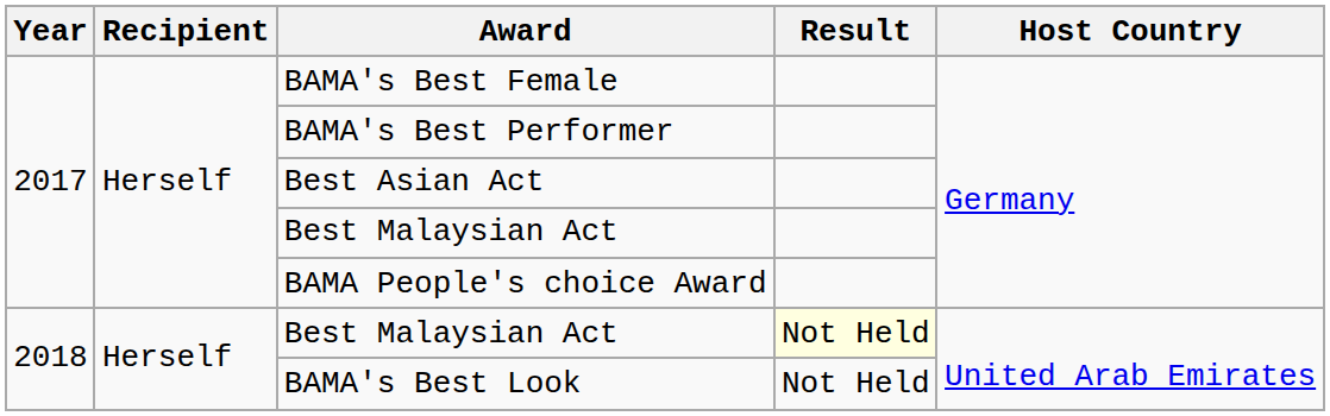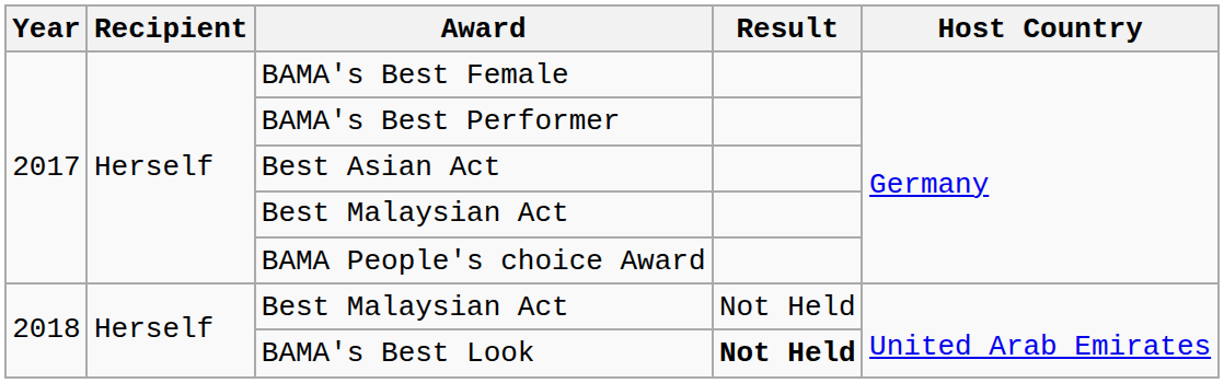 <table class="wikitable">
 <tr>
 <th>Year</th>
 <th>Recipient</th>
 <th>Award</th>
 <th>Result</th>
 <th>Host Country</th>
 </tr>
 <tr>
 <td rowspan="5">2017</td>
 <td rowspan="5">Herself</td>
 <td rowspan="1">BAMA's Best Female</td>
 <td></td>
 <td rowspan="5"> <br> <a href='#'>Germany</a></td>
 </tr>
 <tr>
 <td rowspan="1">BAMA's Best Performer</td>
 <td></td>
 </tr>
 <tr>
 <td rowspan="1">Best Asian Act</td>
 <td></td>
 </tr>
 <tr>
 <td rowspan="1">Best Malaysian Act</td>
 <td></td>
 </tr>
 <tr>
 <td rowspan="1">BAMA People's choice Award</td>
 <td></td>
 </tr>
 <tr>
 <td rowspan="2">2018</td>
 <td rowspan="2">Herself</td>
 <td rowspan="1">Best Malaysian Act</td>
-<td style="background: lightyellow;">Not Held</td>
+<td>Not Held</td>
 <td rowspan="2"> <br> <a href='#'>United Arab Emirates</a></td>
 </tr>
 <tr>
 <td rowspan="1">BAMA's Best Look</td>
-<td>Not Held</td>
+<td><strong>Not Held</strong></td>
 </tr>
 <tr>
 </tr>
 </table>
